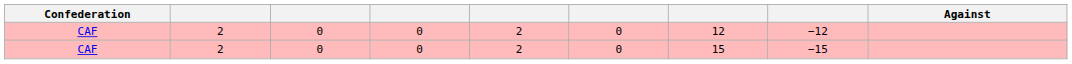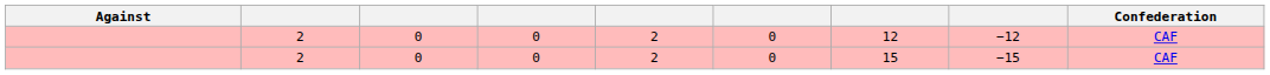 <table class="wikitable sortable" style="text-align: center; font-size: 100%;">
 <tr>
-<th width=8%>Confederation</th>
+<th width=10%>Against</th>
 <th width=5%></th>
 <th width=5%></th>
 <th width=5%></th>
 <th width=5%></th>
 <th width=5%></th>
 <th width=5%></th>
 <th width=5%></th>
-<th width=10%>Against</th>
+<th width=8%>Confederation</th>
 </tr>
 <tr bgcolor="#ffbbbb">
-<td><a href='#'>CAF</a></td>
+<td align=left></td>
 <td>2</td>
 <td>0</td>
 <td>0</td>
 <td>2</td>
 <td>0</td>
 <td>12</td>
 <td>−12</td>
-<td align=left></td>
+<td><a href='#'>CAF</a></td>
 </tr>
 <tr bgcolor="#ffbbbb">
-<td><a href='#'>CAF</a></td>
+<td align=left></td>
 <td>2</td>
 <td>0</td>
 <td>0</td>
 <td>2</td>
 <td>0</td>
 <td>15</td>
 <td>−15</td>
-<td align=left></td>
+<td><a href='#'>CAF</a></td>
 </tr>
 </table>
